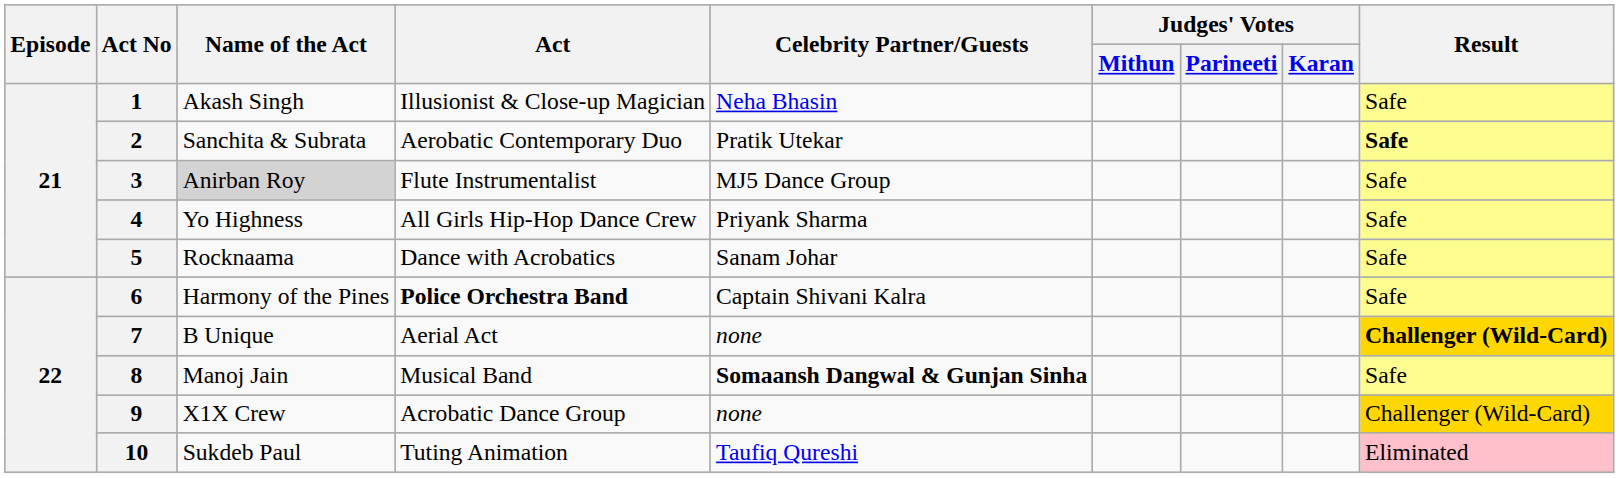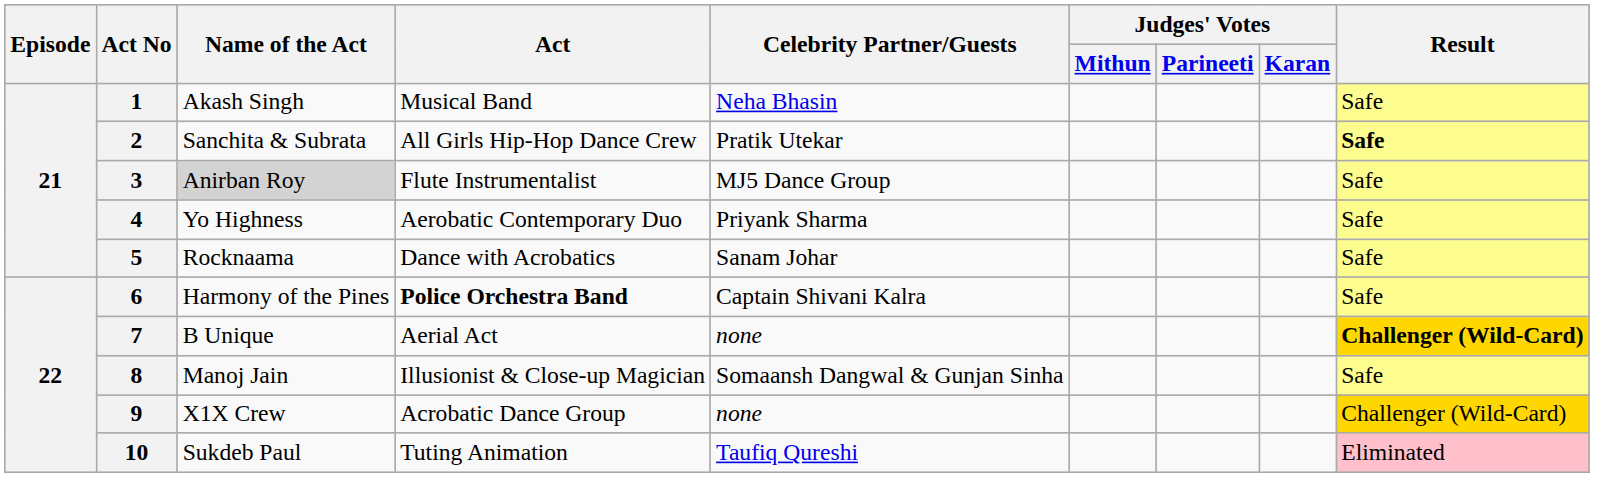 <table class="wikitable sortable mw-collapsible" style="font-size: 90%;">
 <tr>
 <th rowspan="2">Episode</th>
 <th rowspan="2">Act No</th>
 <th rowspan="2">Name of the Act</th>
 <th rowspan="2">Act</th>
 <th rowspan="2">Celebrity Partner/Guests</th>
 <th colspan="3">Judges' Votes</th>
 <th rowspan="2">Result</th>
 </tr>
 <tr>
 <th><a href='#'>Mithun</a></th>
 <th><a href='#'>Parineeti</a></th>
 <th><a href='#'>Karan</a></th>
 </tr>
 <tr>
 <th rowspan="5">21</th>
 <th>1</th>
 <td>Akash Singh</td>
-<td>Illusionist & Close-up Magician</td>
+<td>Musical Band</td>
 <td><a href='#'>Neha Bhasin</a></td>
 <td></td>
 <td></td>
 <td></td>
 <td bgcolor="#fdfc8f">Safe</td>
 </tr>
 <tr>
 <th>2</th>
 <td>Sanchita & Subrata</td>
-<td>Aerobatic Contemporary Duo</td>
+<td>All Girls Hip-Hop Dance Crew</td>
 <td>Pratik Utekar</td>
 <td></td>
 <td></td>
 <td></td>
 <td bgcolor="#fdfc8f"><strong>Safe</strong></td>
 </tr>
 <tr>
 <th>3</th>
 <td style="background: lightgrey;">Anirban Roy</td>
 <td>Flute Instrumentalist</td>
 <td>MJ5 Dance Group</td>
 <td></td>
 <td></td>
 <td></td>
 <td bgcolor="#fdfc8f">Safe</td>
 </tr>
 <tr>
 <th>4</th>
 <td>Yo Highness</td>
-<td>All Girls Hip-Hop Dance Crew</td>
+<td>Aerobatic Contemporary Duo</td>
 <td>Priyank Sharma</td>
 <td></td>
 <td></td>
 <td></td>
 <td bgcolor="#fdfc8f">Safe</td>
 </tr>
 <tr>
 <th>5</th>
 <td>Rocknaama</td>
 <td>Dance with Acrobatics</td>
 <td>Sanam Johar</td>
 <td></td>
 <td></td>
 <td></td>
 <td bgcolor="#fdfc8f">Safe</td>
 </tr>
 <tr>
 <th rowspan="5">22</th>
 <th>6</th>
 <td>Harmony of the Pines</td>
 <td><strong>Police Orchestra Band</strong></td>
 <td>Captain Shivani Kalra</td>
 <td></td>
 <td></td>
 <td></td>
 <td bgcolor="#fdfc8f">Safe</td>
 </tr>
 <tr>
 <th>7</th>
 <td>B Unique</td>
 <td>Aerial Act</td>
 <td><em>none</em></td>
 <td></td>
 <td></td>
 <td></td>
 <td bgcolor="gold"><strong>Challenger (Wild-Card)</strong></td>
 </tr>
 <tr>
 <th>8</th>
 <td>Manoj Jain</td>
-<td>Musical Band</td>
-<td><strong>Somaansh Dangwal & Gunjan Sinha</strong></td>
+<td>Illusionist & Close-up Magician</td>
+<td>Somaansh Dangwal & Gunjan Sinha</td>
 <td></td>
 <td></td>
 <td></td>
 <td bgcolor="#fdfc8f">Safe</td>
 </tr>
 <tr>
 <th>9</th>
 <td>X1X Crew</td>
 <td>Acrobatic Dance Group</td>
 <td><em>none</em></td>
 <td></td>
 <td></td>
 <td></td>
 <td bgcolor="gold">Challenger (Wild-Card)</td>
 </tr>
 <tr>
 <th>10</th>
 <td>Sukdeb Paul</td>
 <td>Tuting Animation</td>
 <td><a href='#'>Taufiq Qureshi</a></td>
 <td></td>
 <td></td>
 <td></td>
 <td bgcolor="#FFC0CB">Eliminated</td>
 </tr>
 </table>
